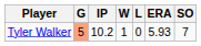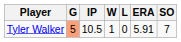 <table class="wikitable sortable">
 <tr>
 <th>Player</th>
 <th>G</th>
 <th>IP</th>
 <th>W</th>
 <th>L</th>
 <th>ERA</th>
 <th>SO</th>
 </tr>
 <tr align=center>
 <td><a href='#'>Tyler Walker</a></td>
 <td style="background: lightsalmon;">5</td>
-<td>10.2</td>
+<td>10.5</td>
 <td>1</td>
 <td>0</td>
-<td>5.93</td>
+<td>5.91</td>
 <td>7</td>
 </tr>
 </table>
